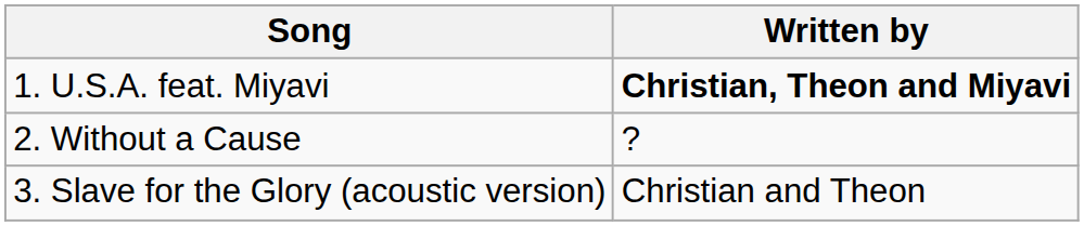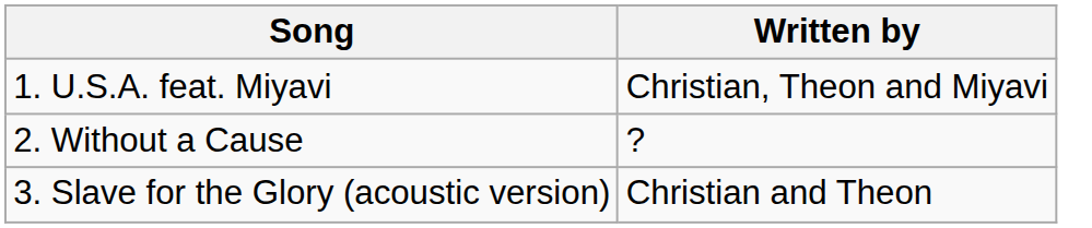 <table class="wikitable">
 <tr>
 <th>Song</th>
 <th>Written by</th>
 </tr>
 <tr>
 <td>1. U.S.A. feat. Miyavi</td>
-<td><strong>Christian, Theon and Miyavi</strong></td>
+<td>Christian, Theon and Miyavi</td>
 </tr>
 <tr>
 <td>2. Without a Cause</td>
 <td>?</td>
 </tr>
 <tr>
 <td>3. Slave for the Glory (acoustic version)</td>
 <td>Christian and Theon</td>
 </tr>
 </table>
